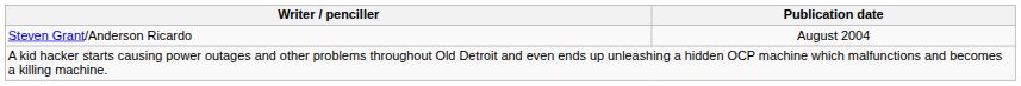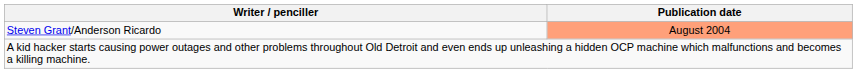 <table class="wikitable">
 <tr>
 <th>Writer / penciller</th>
 <th>Publication date</th>
 </tr>
 <tr>
 <td><a href='#'>Steven Grant</a>/Anderson Ricardo</td>
-<td align="center">August 2004</td>
+<td align="center" style="background: lightsalmon;">August 2004</td>
 </tr>
 <tr>
 <td colspan="6">A kid hacker starts causing power outages and other problems throughout Old Detroit and even ends up unleashing a hidden OCP machine which malfunctions and becomes a killing machine.</td>
 </tr>
 </table>
